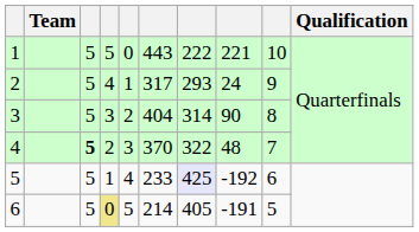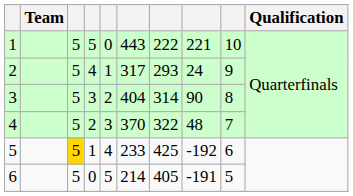 <table class="wikitable">
 <tr>
 <th></th>
 <th>Team</th>
 <th></th>
 <th></th>
 <th></th>
 <th></th>
 <th></th>
 <th></th>
 <th></th>
 <th>Qualification</th>
 </tr>
 <tr bgcolor=ccffcc>
 <td>1</td>
 <td></td>
 <td>5</td>
 <td>5</td>
 <td>0</td>
 <td>443</td>
 <td>222</td>
 <td>221</td>
 <td>10</td>
 <td rowspan=4>Quarterfinals</td>
 </tr>
 <tr bgcolor=ccffcc>
 <td>2</td>
 <td></td>
 <td>5</td>
 <td>4</td>
 <td>1</td>
 <td>317</td>
 <td>293</td>
 <td>24</td>
 <td>9</td>
 </tr>
 <tr bgcolor=ccffcc>
 <td>3</td>
 <td></td>
 <td>5</td>
 <td>3</td>
 <td>2</td>
 <td>404</td>
 <td>314</td>
 <td>90</td>
 <td>8</td>
 </tr>
 <tr bgcolor=ccffcc>
 <td>4</td>
 <td></td>
-<td><strong>5</strong></td>
+<td>5</td>
 <td>2</td>
 <td>3</td>
 <td>370</td>
 <td>322</td>
 <td>48</td>
 <td>7</td>
 </tr>
 <tr>
 <td>5</td>
 <td></td>
-<td>5</td>
+<td style="background: gold;">5</td>
 <td>1</td>
 <td>4</td>
 <td>233</td>
-<td style="background: lavender;">425</td>
+<td>425</td>
 <td>-192</td>
 <td>6</td>
 <td rowspan=2></td>
 </tr>
 <tr>
 <td>6</td>
 <td></td>
 <td>5</td>
-<td style="background: khaki;">0</td>
+<td>0</td>
 <td>5</td>
 <td>214</td>
 <td>405</td>
 <td>-191</td>
 <td>5</td>
 </tr>
 </table>
